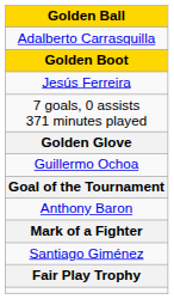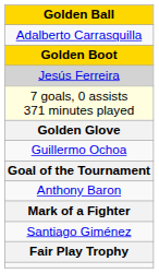 <table class="wikitable" style="text-align:center">
 <tr>
 <th scope=col style="background-color: gold">Golden Ball</th>
 </tr>
 <tr>
 <td> <a href='#'>Adalberto Carrasquilla</a></td>
 </tr>
 <tr>
 <th scope=col style="background-color: gold">Golden Boot</th>
 </tr>
 <tr>
-<td> <a href='#'>Jesús Ferreira</a></td>
+<td style="background: lightgrey;"> <a href='#'>Jesús Ferreira</a></td>
 </tr>
 <tr>
-<td>7 goals, 0 assists<br>371 minutes played</td>
+<td style="background: lightyellow;">7 goals, 0 assists<br>371 minutes played</td>
 </tr>
 <tr>
 <th colspan="3">Golden Glove</th>
 </tr>
 <tr>
 <td colspan="3"> <a href='#'>Guillermo Ochoa</a></td>
 </tr>
 <tr>
 <th colspan="3">Goal of the Tournament</th>
 </tr>
 <tr>
 <td colspan="3"> <a href='#'>Anthony Baron</a></td>
 </tr>
 <tr>
 <th colspan="3">Mark of a Fighter</th>
 </tr>
 <tr>
 <td colspan="3"> <a href='#'>Santiago Giménez</a></td>
 </tr>
 <tr>
 <th colspan="3">Fair Play Trophy</th>
 </tr>
 <tr>
 <td colspan="3"></td>
 </tr>
 </table>
